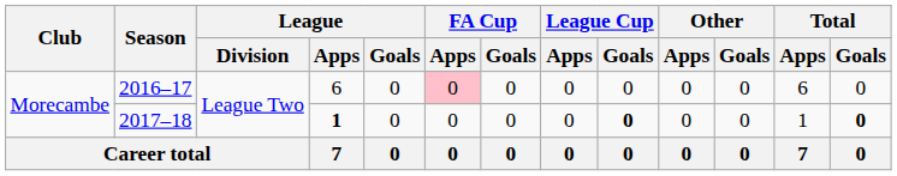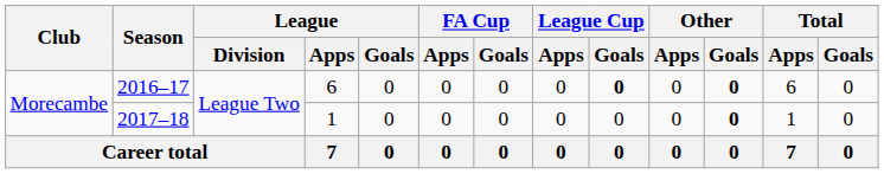 <table class="wikitable" style="text-align:center">
 <tr>
 <th rowspan="2">Club</th>
 <th rowspan="2">Season</th>
 <th colspan="3">League</th>
 <th colspan="2"><a href='#'>FA Cup</a></th>
 <th colspan="2"><a href='#'>League Cup</a></th>
 <th colspan="2">Other</th>
 <th colspan="2">Total</th>
 </tr>
 <tr>
 <th>Division</th>
 <th>Apps</th>
 <th>Goals</th>
 <th>Apps</th>
 <th>Goals</th>
 <th>Apps</th>
 <th>Goals</th>
 <th>Apps</th>
 <th>Goals</th>
 <th>Apps</th>
 <th>Goals</th>
 </tr>
 <tr>
 <td rowspan="2"><a href='#'>Morecambe</a></td>
 <td><a href='#'>2016–17</a></td>
 <td rowspan="2"><a href='#'>League Two</a></td>
 <td>6</td>
 <td>0</td>
-<td style="background: pink;">0</td>
+<td>0</td>
+<td>0</td>
+<td>0</td>
+<td><strong>0</strong></td>
+<td>0</td>
+<td><strong>0</strong></td>
+<td>6</td>
+<td>0</td>
+</tr>
+<tr>
+<td><a href='#'>2017–18</a></td>
+<td>1</td>
 <td>0</td>
 <td>0</td>
 <td>0</td>
 <td>0</td>
 <td>0</td>
-<td>6</td>
-<td>0</td>
-</tr>
-<tr>
-<td><a href='#'>2017–18</a></td>
-<td><strong>1</strong></td>
-<td>0</td>
-<td>0</td>
-<td>0</td>
 <td>0</td>
 <td><strong>0</strong></td>
+<td>1</td>
 <td>0</td>
-<td>0</td>
-<td>1</td>
-<td><strong>0</strong></td>
 </tr>
 <tr>
 <th colspan="3">Career total</th>
 <th>7</th>
 <th>0</th>
 <th>0</th>
 <th>0</th>
 <th>0</th>
 <th>0</th>
 <th>0</th>
 <th>0</th>
 <th>7</th>
 <th>0</th>
 </tr>
 </table>
